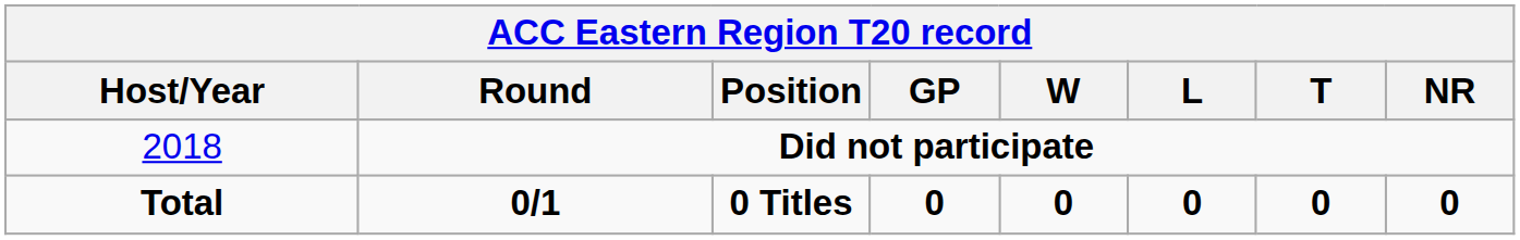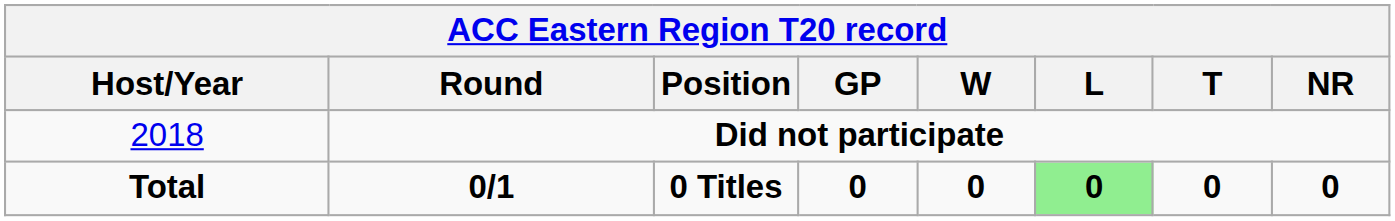 <table class="wikitable" style="text-align: center;">
 <tr>
 <th colspan=8><a href='#'>ACC Eastern Region T20 record</a></th>
 </tr>
 <tr>
 <th width=150>Host/Year</th>
 <th width=150>Round</th>
 <th width=50>Position</th>
 <th width=50>GP</th>
 <th width=50>W</th>
 <th width=50>L</th>
 <th width=50>T</th>
 <th width=50>NR</th>
 </tr>
 <tr>
 <td> <a href='#'>2018</a></td>
 <td colspan=7 rowspan=1><strong>Did not participate</strong></td>
 </tr>
 <tr>
 <td><strong>Total</strong></td>
 <td><strong>0/1</strong></td>
 <td><strong>0 Titles</strong></td>
 <td><strong>0</strong></td>
 <td><strong>0</strong></td>
-<td><strong>0</strong></td>
+<td style="background: lightgreen;"><strong>0</strong></td>
 <td><strong>0</strong></td>
 <td><strong>0</strong></td>
 </tr>
 </table>
